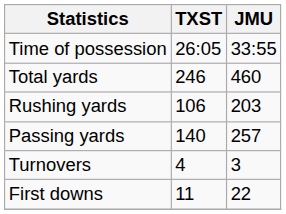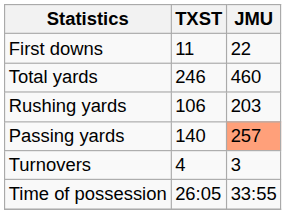 <table class="wikitable">
 <tr>
 <th>Statistics</th>
 <th>TXST</th>
 <th>JMU</th>
 </tr>
 <tr>
-<td>Time of possession</td>
-<td>26:05</td>
-<td>33:55</td>
+<td>First downs</td>
+<td>11</td>
+<td>22</td>
 </tr>
 <tr>
 <td>Total yards</td>
 <td>246</td>
 <td>460</td>
 </tr>
 <tr>
 <td>Rushing yards</td>
 <td>106</td>
 <td>203</td>
 </tr>
 <tr>
 <td>Passing yards</td>
 <td>140</td>
-<td>257</td>
+<td style="background: lightsalmon;">257</td>
 </tr>
 <tr>
 <td>Turnovers</td>
 <td>4</td>
 <td>3</td>
 </tr>
 <tr>
-<td>First downs</td>
-<td>11</td>
-<td>22</td>
+<td>Time of possession</td>
+<td>26:05</td>
+<td>33:55</td>
 </tr>
 <tr>
 </tr>
 </table>
